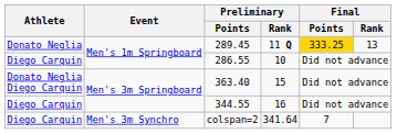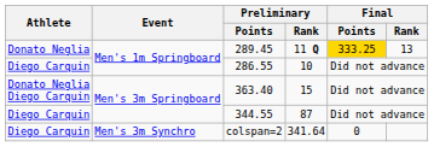 <table class=wikitable style="font-size:90%">
 <tr>
 <th rowspan="2">Athlete</th>
 <th rowspan="2">Event</th>
 <th colspan="2">Preliminary</th>
 <th colspan="2">Final</th>
 </tr>
 <tr>
 <th>Points</th>
 <th>Rank</th>
 <th>Points</th>
 <th>Rank</th>
 </tr>
 <tr align=center>
 <td align=left><a href='#'>Donato Neglia</a></td>
 <td rowspan="2" align=left><a href='#'>Men's 1m Springboard</a></td>
 <td>289.45</td>
 <td>11 <strong>Q</strong></td>
 <td style="background: gold;">333.25</td>
 <td>13</td>
 </tr>
 <tr align=center>
 <td align=left><a href='#'>Diego Carquin</a></td>
 <td>286.55</td>
 <td>10</td>
 <td colspan=2>Did not advance</td>
 </tr>
 <tr align=center>
 <td align=left><a href='#'>Donato Neglia</a><br><a href='#'>Diego Carquin</a></td>
 <td rowspan="2" align=left><a href='#'>Men's 3m Springboard</a></td>
 <td>363.40</td>
 <td>15</td>
 <td colspan=2>Did not advance</td>
 </tr>
 <tr align=center>
 <td align=left><a href='#'>Diego Carquin</a></td>
 <td>344.55</td>
-<td>16</td>
+<td>87</td>
 <td colspan=2>Did not advance</td>
 </tr>
 <tr align=center>
 <td align=left><a href='#'>Diego Carquin</a></td>
 <td align=left><a href='#'>Men's 3m Synchro</a></td>
 <td>colspan=2 </td>
 <td>341.64</td>
-<td>7</td>
+<td>0</td>
 </tr>
 </table>
